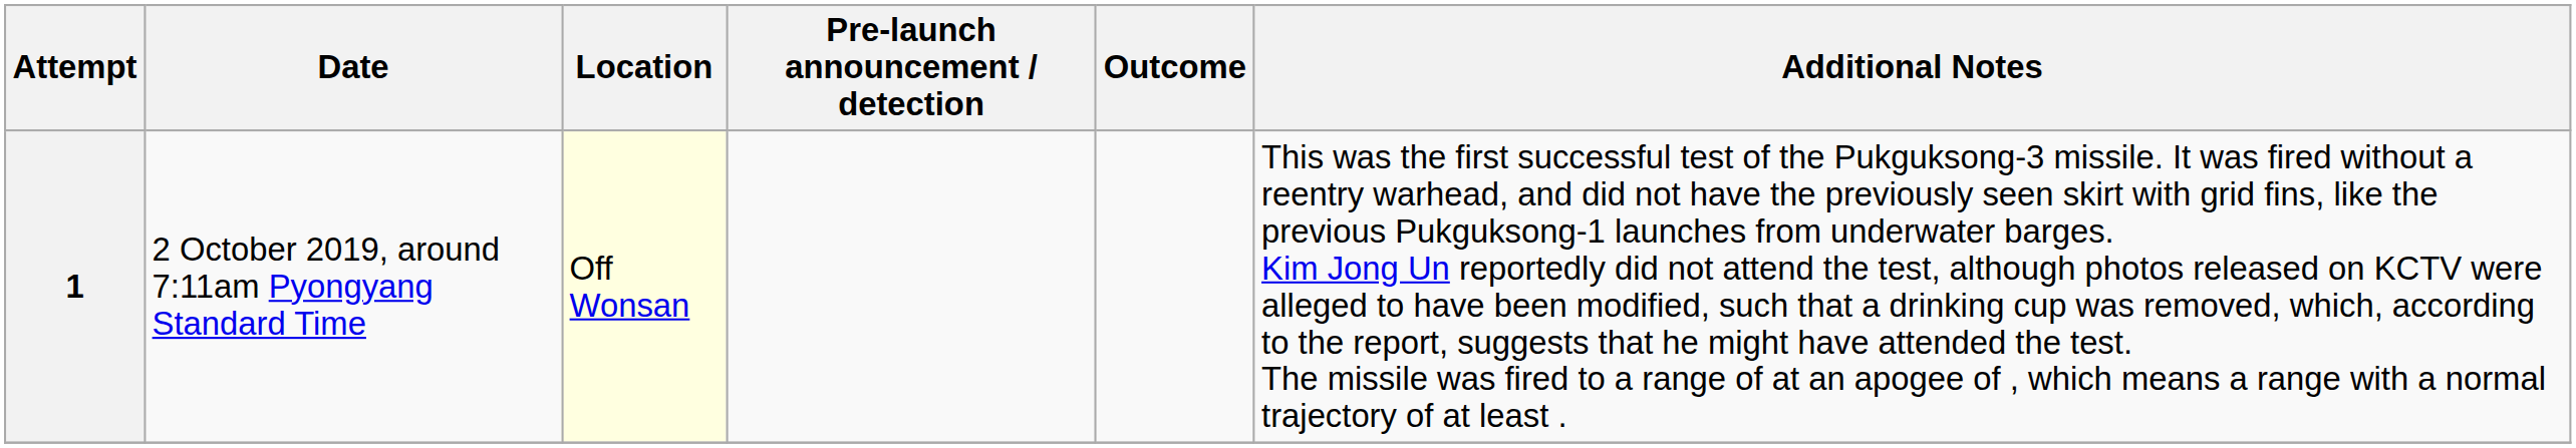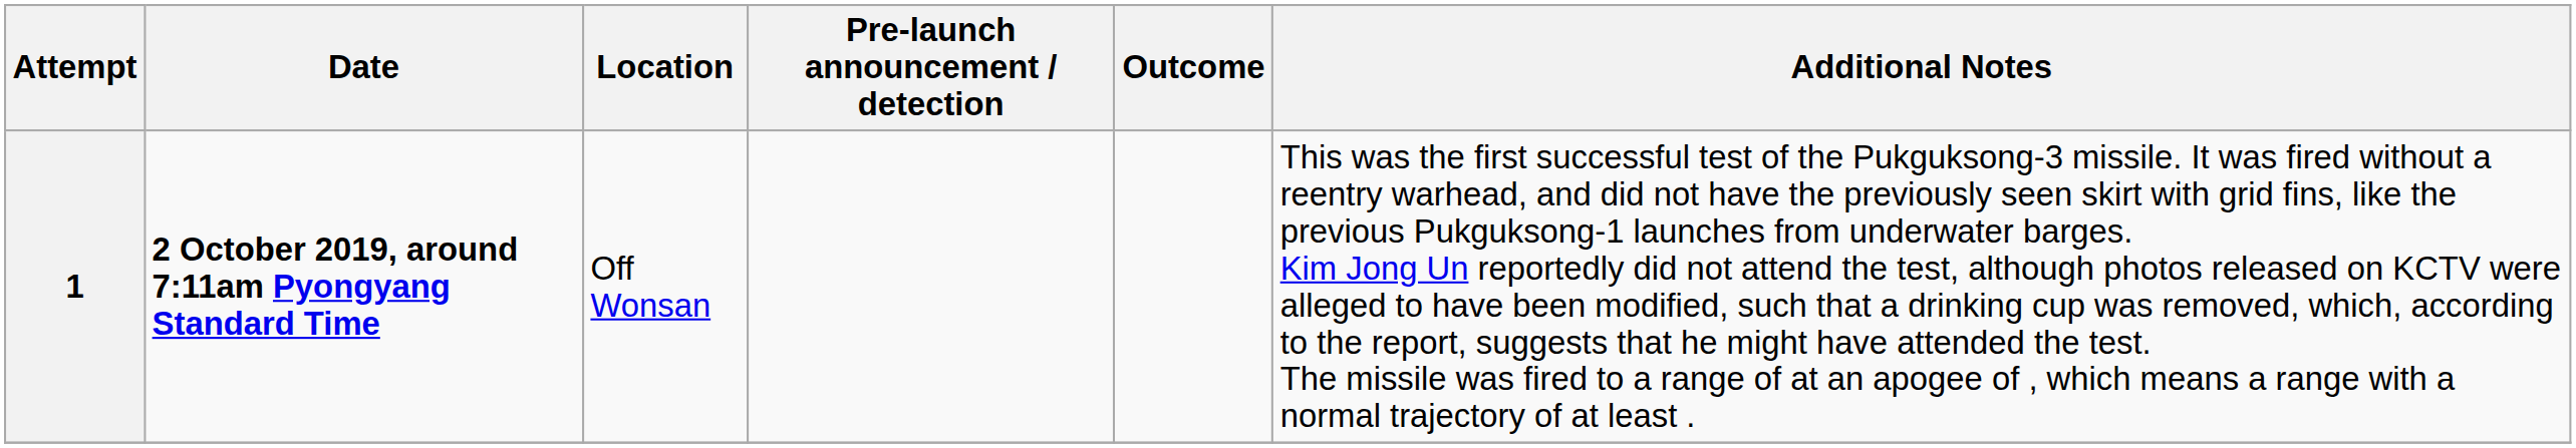 <table class="wikitable">
 <tr>
 <th scope="col">Attempt</th>
 <th scope="col">Date</th>
 <th scope="col">Location</th>
 <th scope="col">Pre-launch announcement / detection</th>
 <th scope="col">Outcome</th>
 <th scope="col">Additional Notes</th>
 </tr>
 <tr>
 <th scope="row">1</th>
-<td>2 October 2019, around 7:11am <a href='#'>Pyongyang Standard Time</a></td>
-<td style="background: lightyellow;">Off <a href='#'>Wonsan</a></td>
+<td><strong>2 October 2019, around 7:11am <a href='#'>Pyongyang Standard Time</a></strong></td>
+<td>Off <a href='#'>Wonsan</a></td>
 <td></td>
 <td></td>
 <td>This was the first successful test of the Pukguksong-3 missile. It was fired without a reentry warhead, and did not have the previously seen skirt with grid fins, like the previous Pukguksong-1 launches from underwater barges.<br><a href='#'>Kim Jong Un</a> reportedly did not attend the test, although photos released on KCTV were alleged to have been modified, such that a drinking cup was removed, which, according to the report, suggests that he might have attended the test.<br>The missile was fired to a range of  at an apogee of , which means a range with a normal trajectory of at least .</td>
 </tr>
 <tr>
 </tr>
 </table>
